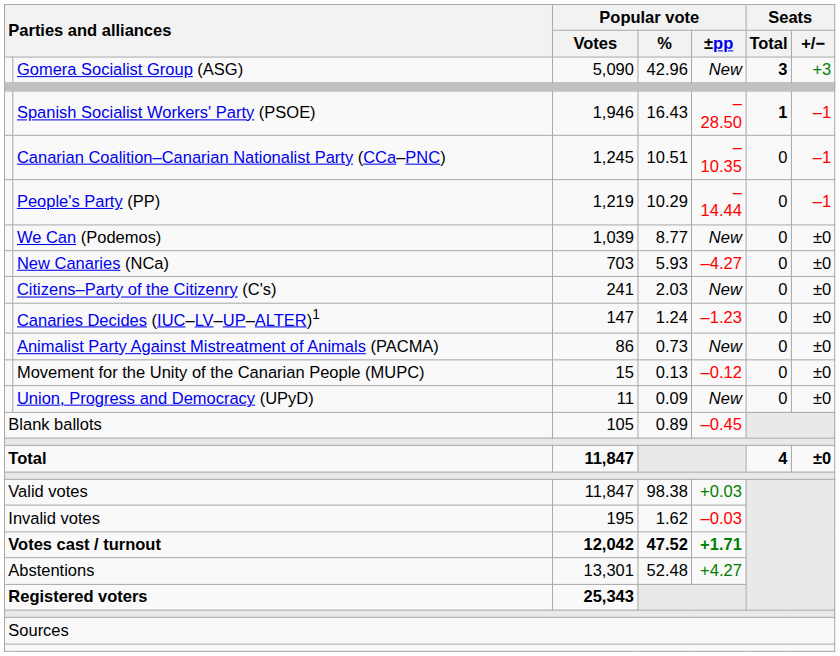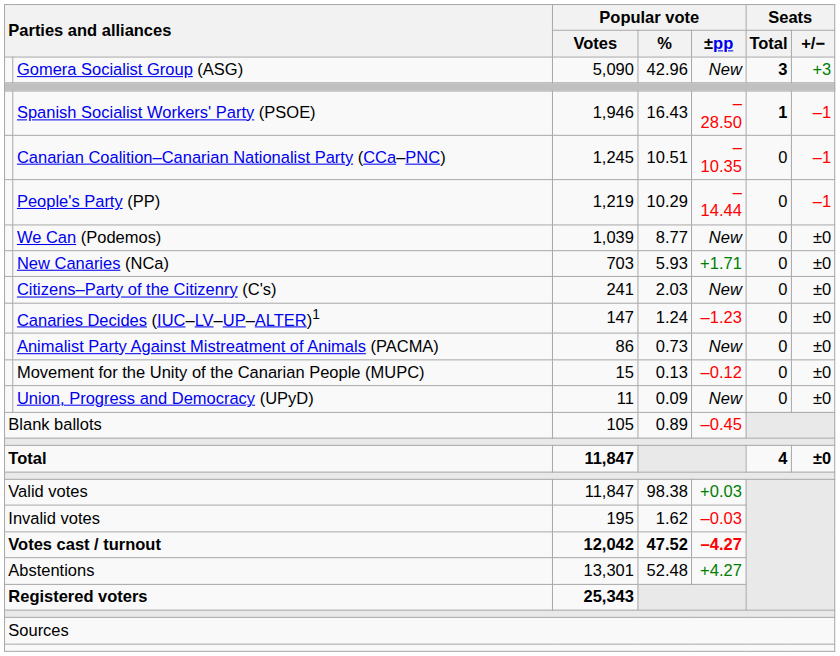 <table class="wikitable" style="text-align:right;">
 <tr>
 <th style="text-align:left;" rowspan="2" colspan="2" width="525">Parties and alliances</th>
 <th colspan="3">Popular vote</th>
 <th colspan="2">Seats</th>
 </tr>
 <tr>
 <th width="75">Votes</th>
 <th width="45">%</th>
 <th width="45">±<a href='#'>pp</a></th>
 <th width="35">Total</th>
 <th width="35">+/−</th>
 </tr>
 <tr>
 <td width="1" style="color:inherit;background:"></td>
 <td align="left"><a href='#'>Gomera Socialist Group</a> (ASG)</td>
 <td>5,090</td>
 <td>42.96</td>
 <td><em>New</em></td>
 <td><strong>3</strong></td>
 <td style="color:green;">+3</td>
 </tr>
 <tr>
 <td colspan="7" bgcolor="#C0C0C0"></td>
 </tr>
 <tr>
 <td style="color:inherit;background:"></td>
 <td align="left"><a href='#'>Spanish Socialist Workers' Party</a> (PSOE)</td>
 <td>1,946</td>
 <td>16.43</td>
 <td style="color:red;">–28.50</td>
 <td><strong>1</strong></td>
 <td style="color:red;">–1</td>
 </tr>
 <tr>
 <td style="color:inherit;background:"></td>
 <td align="left"><a href='#'>Canarian Coalition–Canarian Nationalist Party</a> (<a href='#'>CCa</a>–<a href='#'>PNC</a>)</td>
 <td>1,245</td>
 <td>10.51</td>
 <td style="color:red;">–10.35</td>
 <td>0</td>
 <td style="color:red;">–1</td>
 </tr>
 <tr>
 <td style="color:inherit;background:"></td>
 <td align="left"><a href='#'>People's Party</a> (PP)</td>
 <td>1,219</td>
 <td>10.29</td>
 <td style="color:red;">–14.44</td>
 <td>0</td>
 <td style="color:red;">–1</td>
 </tr>
 <tr>
 <td style="color:inherit;background:"></td>
 <td align="left"><a href='#'>We Can</a> (Podemos)</td>
 <td>1,039</td>
 <td>8.77</td>
 <td><em>New</em></td>
 <td>0</td>
 <td>±0</td>
 </tr>
 <tr>
 <td style="color:inherit;background:"></td>
 <td align="left"><a href='#'>New Canaries</a> (NCa)</td>
 <td>703</td>
 <td>5.93</td>
-<td style="color:red;">–4.27</td>
+<td style="color:green;">+1.71</td>
 <td>0</td>
 <td>±0</td>
 </tr>
 <tr>
 <td style="color:inherit;background:"></td>
 <td align="left"><a href='#'>Citizens–Party of the Citizenry</a> (C's)</td>
 <td>241</td>
 <td>2.03</td>
 <td><em>New</em></td>
 <td>0</td>
 <td>±0</td>
 </tr>
 <tr>
 <td style="color:inherit;background:"></td>
 <td align="left"><a href='#'>Canaries Decides</a> (<a href='#'>IUC</a>–<a href='#'>LV</a>–<a href='#'>UP</a>–<a href='#'>ALTER</a>)<sup>1</sup></td>
 <td>147</td>
 <td>1.24</td>
 <td style="color:red;">–1.23</td>
 <td>0</td>
 <td>±0</td>
 </tr>
 <tr>
 <td style="color:inherit;background:"></td>
 <td align="left"><a href='#'>Animalist Party Against Mistreatment of Animals</a> (PACMA)</td>
 <td>86</td>
 <td>0.73</td>
 <td><em>New</em></td>
 <td>0</td>
 <td>±0</td>
 </tr>
 <tr>
 <td style="color:inherit;background:"></td>
 <td align="left">Movement for the Unity of the Canarian People (MUPC)</td>
 <td>15</td>
 <td>0.13</td>
 <td style="color:red;">–0.12</td>
 <td>0</td>
 <td>±0</td>
 </tr>
 <tr>
 <td style="color:inherit;background:"></td>
 <td align="left"><a href='#'>Union, Progress and Democracy</a> (UPyD)</td>
 <td>11</td>
 <td>0.09</td>
 <td><em>New</em></td>
 <td>0</td>
 <td>±0</td>
 </tr>
 <tr>
 <td align="left" colspan="2">Blank ballots</td>
 <td>105</td>
 <td>0.89</td>
 <td style="color:red;">–0.45</td>
 <td bgcolor="#E9E9E9" colspan="2"></td>
 </tr>
 <tr>
 <td colspan="7" bgcolor="#E9E9E9"></td>
 </tr>
 <tr style="font-weight:bold;">
 <td align="left" colspan="2">Total</td>
 <td>11,847</td>
 <td bgcolor="#E9E9E9" colspan="2"></td>
 <td>4</td>
 <td>±0</td>
 </tr>
 <tr>
 <td colspan="7" bgcolor="#E9E9E9"></td>
 </tr>
 <tr>
 <td align="left" colspan="2">Valid votes</td>
 <td>11,847</td>
 <td>98.38</td>
 <td style="color:green;">+0.03</td>
 <td bgcolor="#E9E9E9" colspan="2" rowspan="5"></td>
 </tr>
 <tr>
 <td align="left" colspan="2">Invalid votes</td>
 <td>195</td>
 <td>1.62</td>
 <td style="color:red;">–0.03</td>
 </tr>
 <tr style="font-weight:bold;">
 <td align="left" colspan="2">Votes cast / turnout</td>
 <td>12,042</td>
 <td>47.52</td>
-<td style="color:green;">+1.71</td>
+<td style="color:red;">–4.27</td>
 </tr>
 <tr>
 <td align="left" colspan="2">Abstentions</td>
 <td>13,301</td>
 <td>52.48</td>
 <td style="color:green;">+4.27</td>
 </tr>
 <tr style="font-weight:bold;">
 <td align="left" colspan="2">Registered voters</td>
 <td>25,343</td>
 <td bgcolor="#E9E9E9" colspan="2"></td>
 </tr>
 <tr>
 <td colspan="7" bgcolor="#E9E9E9"></td>
 </tr>
 <tr>
 <td align="left" colspan="7">Sources</td>
 </tr>
 <tr>
 <td colspan="7" style="text-align:left; max-width:790px;"></td>
 </tr>
 </table>
